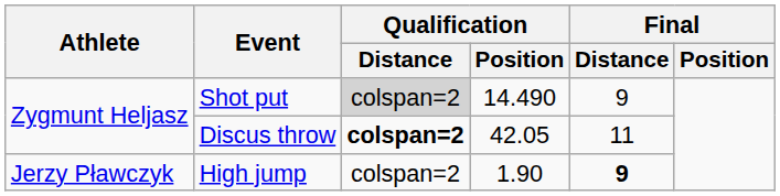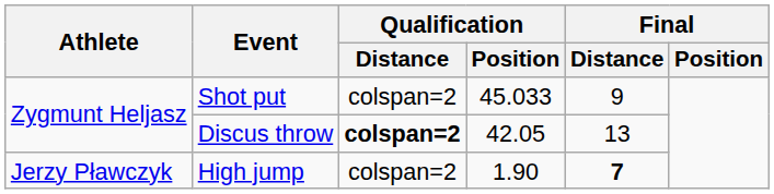 <table class=wikitable style="font-size:90%">
 <tr>
 <th rowspan="2">Athlete</th>
 <th rowspan="2">Event</th>
 <th colspan="2">Qualification</th>
 <th colspan="2">Final</th>
 </tr>
 <tr style="font-size:95%">
 <th>Distance</th>
 <th>Position</th>
 <th>Distance</th>
 <th>Position</th>
 </tr>
 <tr align=center>
 <td align=left rowspan=2><a href='#'>Zygmunt Heljasz</a></td>
 <td align=left><a href='#'>Shot put</a></td>
-<td style="background: lightgrey;">colspan=2 </td>
-<td>14.490</td>
+<td>colspan=2 </td>
+<td>45.033</td>
 <td>9</td>
 </tr>
 <tr align=center>
 <td align=left><a href='#'>Discus throw</a></td>
 <td><strong>colspan=2 </strong></td>
 <td>42.05</td>
-<td>11</td>
+<td>13</td>
 </tr>
 <tr align=center>
 <td align=left><a href='#'>Jerzy Pławczyk</a></td>
 <td align=left><a href='#'>High jump</a></td>
 <td>colspan=2 </td>
 <td>1.90</td>
-<td><strong>9</strong></td>
+<td><strong>7</strong></td>
 </tr>
 </table>
